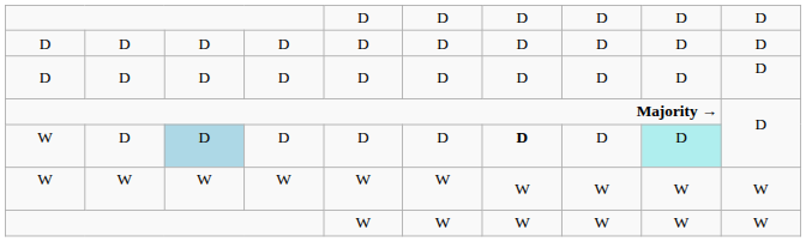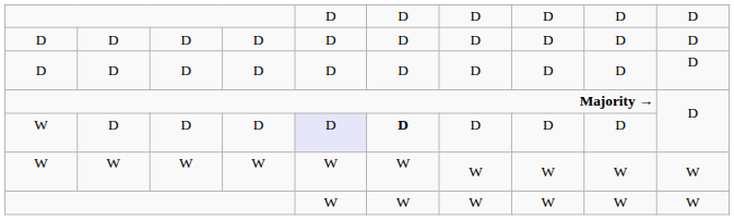 <table class="wikitable" style="text-align:center" width=800px>
 <tr>
 <td colspan=4></td>
 <td>D</td>
 <td>D</td>
 <td>D</td>
 <td>D</td>
 <td>D</td>
 <td>D</td>
 </tr>
 <tr>
 <td width=50px >D</td>
 <td width=50px >D</td>
 <td width=50px >D</td>
 <td width=50px >D</td>
 <td width=50px >D</td>
 <td width=50px >D</td>
 <td width=50px >D</td>
 <td width=50px >D</td>
 <td width=50px >D</td>
 <td width=50px >D</td>
 </tr>
 <tr>
 <td>D</td>
 <td>D</td>
 <td>D</td>
 <td>D</td>
 <td>D</td>
 <td>D</td>
 <td>D</td>
 <td>D</td>
 <td>D</td>
 <td>D<br><br></td>
 </tr>
 <tr>
 <td colspan=9 align=right><strong>Majority →</strong></td>
 <td rowspan=2 >D<br><br></td>
 </tr>
 <tr>
 <td>W<br><br></td>
 <td>D<br><br></td>
-<td style="background: lightblue;">D<br><br></td>
+<td>D<br><br></td>
+<td>D<br><br></td>
+<td style="background: lavender;">D<br><br></td>
+<td><strong>D<br><br></strong></td>
 <td>D<br><br></td>
 <td>D<br><br></td>
 <td>D<br><br></td>
-<td><strong>D<br><br></strong></td>
-<td>D<br><br></td>
-<td style="background: paleturquoise;">D<br><br></td>
 </tr>
 <tr>
 <td>W<br><br></td>
 <td>W<br><br></td>
 <td>W<br><br></td>
 <td>W<br><br></td>
 <td>W<br><br></td>
 <td>W<br><br></td>
 <td>W</td>
 <td>W</td>
 <td>W</td>
 <td>W</td>
 </tr>
 <tr>
 <td colspan=4></td>
 <td>W</td>
 <td>W</td>
 <td>W</td>
 <td>W</td>
 <td>W</td>
 <td>W</td>
 </tr>
 </table>
